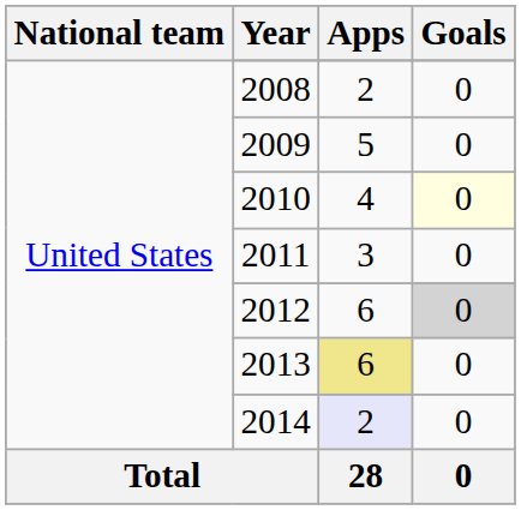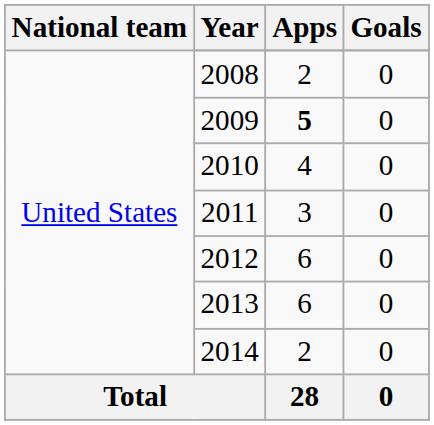 <table class="wikitable" style="text-align: center">
 <tr>
 <th>National team</th>
 <th>Year</th>
 <th>Apps</th>
 <th>Goals</th>
 </tr>
 <tr>
 <td rowspan="8"><a href='#'>United States</a></td>
 </tr>
 <tr>
 <td>2008</td>
 <td>2</td>
 <td>0</td>
 </tr>
 <tr>
 <td>2009</td>
-<td>5</td>
+<td><strong>5</strong></td>
 <td>0</td>
 </tr>
 <tr>
 <td>2010</td>
 <td>4</td>
-<td style="background: lightyellow;">0</td>
+<td>0</td>
 </tr>
 <tr>
 <td>2011</td>
 <td>3</td>
 <td>0</td>
 </tr>
 <tr>
 <td>2012</td>
 <td>6</td>
-<td style="background: lightgrey;">0</td>
+<td>0</td>
 </tr>
 <tr>
 <td>2013</td>
-<td style="background: khaki;">6</td>
+<td>6</td>
 <td>0</td>
 </tr>
 <tr>
 <td>2014</td>
-<td style="background: lavender;">2</td>
+<td>2</td>
 <td>0</td>
 </tr>
 <tr>
 <th colspan=2>Total</th>
 <th>28</th>
 <th>0</th>
 </tr>
 </table>
